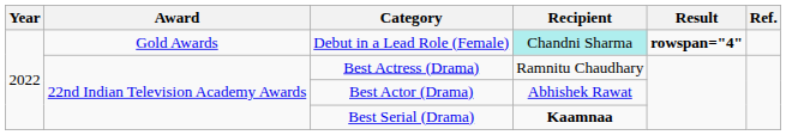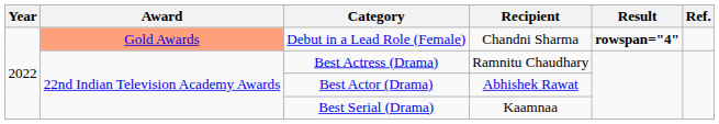 <table class="wikitable" style="text-align:center;">
 <tr>
 <th>Year</th>
 <th>Award</th>
 <th>Category</th>
 <th>Recipient</th>
 <th>Result</th>
 <th>Ref.</th>
 </tr>
 <tr>
 <td rowspan="4">2022</td>
-<td><a href='#'>Gold Awards</a></td>
+<td style="background: lightsalmon;"><a href='#'>Gold Awards</a></td>
 <td><a href='#'>Debut in a Lead Role (Female)</a></td>
-<td style="background: paleturquoise;">Chandni Sharma</td>
+<td>Chandni Sharma</td>
 <td><strong>rowspan="4" </strong></td>
 <td></td>
 </tr>
 <tr>
 <td rowspan="3"><a href='#'>22nd Indian Television Academy Awards</a></td>
 <td><a href='#'>Best Actress (Drama)</a></td>
 <td>Ramnitu Chaudhary</td>
 <td rowspan="3"></td>
 </tr>
 <tr>
 <td><a href='#'>Best Actor (Drama)</a></td>
 <td><a href='#'>Abhishek Rawat</a></td>
 </tr>
 <tr>
 <td><a href='#'>Best Serial (Drama)</a></td>
-<td><strong>Kaamnaa</strong></td>
+<td>Kaamnaa</td>
 </tr>
 </table>
